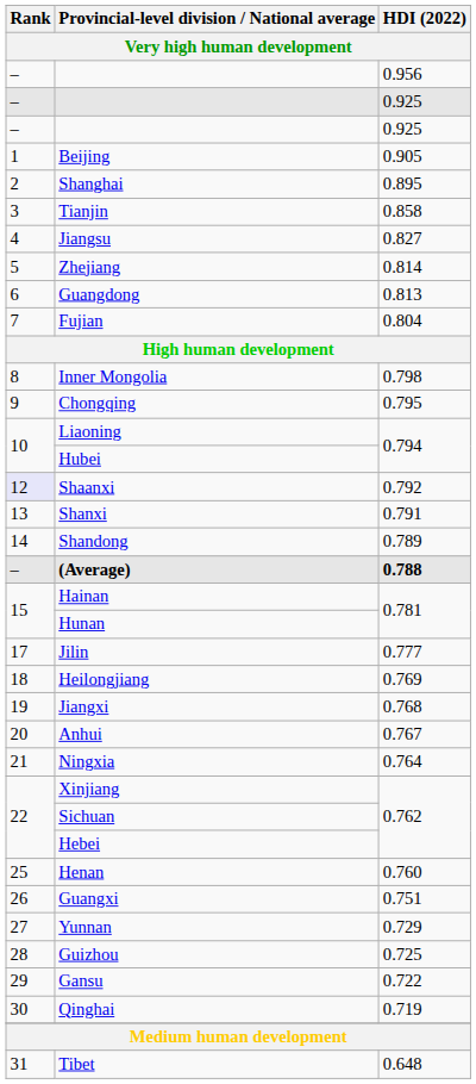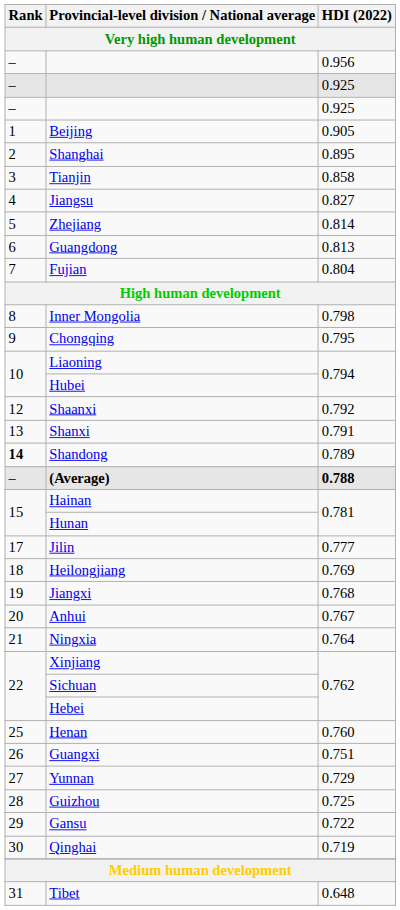 <table class="wikitable sortable" style="margin: 1ex auto 1ex auto">
 <tr>
 <th class="sort">Rank</th>
 <th class="sort">Provincial-level division / National average</th>
 <th class="sort">HDI (2022)</th>
 </tr>
 <tr>
 <th colspan="3" style="color:#090;">Very high human development</th>
 </tr>
 <tr>
 <td>–</td>
 <td><em></em></td>
 <td>0.956</td>
 </tr>
 <tr style="background:#e6e6e6">
 <td>–</td>
 <td><strong></strong></td>
 <td>0.925</td>
 </tr>
 <tr>
 <td>–</td>
 <td><em></em></td>
 <td>0.925</td>
 </tr>
 <tr>
 <td>1</td>
 <td><a href='#'>Beijing</a></td>
 <td>0.905</td>
 </tr>
 <tr>
 <td>2</td>
 <td><a href='#'>Shanghai</a></td>
 <td>0.895</td>
 </tr>
 <tr>
 <td>3</td>
 <td><a href='#'>Tianjin</a></td>
 <td>0.858</td>
 </tr>
 <tr>
 <td>4</td>
 <td><a href='#'>Jiangsu</a></td>
 <td>0.827</td>
 </tr>
 <tr>
 <td>5</td>
 <td><a href='#'>Zhejiang</a></td>
 <td>0.814</td>
 </tr>
 <tr>
 <td>6</td>
 <td><a href='#'>Guangdong</a></td>
 <td>0.813</td>
 </tr>
 <tr>
 <td>7</td>
 <td><a href='#'>Fujian</a></td>
 <td>0.804</td>
 </tr>
 <tr>
 <th colspan="3" style="color:#0c0;">High human development</th>
 </tr>
 <tr>
 <td>8</td>
 <td><a href='#'>Inner Mongolia</a></td>
 <td>0.798</td>
 </tr>
 <tr>
 <td>9</td>
 <td><a href='#'>Chongqing</a></td>
 <td>0.795</td>
 </tr>
 <tr>
 <td rowspan="2">10</td>
 <td><a href='#'>Liaoning</a></td>
 <td rowspan="2">0.794</td>
 </tr>
 <tr>
 <td><a href='#'>Hubei</a></td>
 </tr>
 <tr>
-<td style="background: lavender;">12</td>
+<td>12</td>
 <td><a href='#'>Shaanxi</a></td>
 <td>0.792</td>
 </tr>
 <tr>
 <td>13</td>
 <td><a href='#'>Shanxi</a></td>
 <td>0.791</td>
 </tr>
 <tr>
-<td>14</td>
+<td><strong>14</strong></td>
 <td><a href='#'>Shandong</a></td>
 <td>0.789</td>
 </tr>
 <tr style="background:#e6e6e6">
 <td>–</td>
 <td><strong> (Average)</strong></td>
 <td><strong>0.788</strong></td>
 </tr>
 <tr>
 <td rowspan="2">15</td>
 <td><a href='#'>Hainan</a></td>
 <td rowspan="2">0.781</td>
 </tr>
 <tr>
 <td><a href='#'>Hunan</a></td>
 </tr>
 <tr>
 <td>17</td>
 <td><a href='#'>Jilin</a></td>
 <td>0.777</td>
 </tr>
 <tr>
 <td>18</td>
 <td><a href='#'>Heilongjiang</a></td>
 <td>0.769</td>
 </tr>
 <tr>
 <td>19</td>
 <td><a href='#'>Jiangxi</a></td>
 <td>0.768</td>
 </tr>
 <tr>
 <td>20</td>
 <td><a href='#'>Anhui</a></td>
 <td>0.767</td>
 </tr>
 <tr>
 <td>21</td>
 <td><a href='#'>Ningxia</a></td>
 <td>0.764</td>
 </tr>
 <tr>
 <td rowspan="3">22</td>
 <td><a href='#'>Xinjiang</a></td>
 <td rowspan="3">0.762</td>
 </tr>
 <tr>
 <td><a href='#'>Sichuan</a></td>
 </tr>
 <tr>
 <td><a href='#'>Hebei</a></td>
 </tr>
 <tr>
 <td>25</td>
 <td><a href='#'>Henan</a></td>
 <td>0.760</td>
 </tr>
 <tr>
 <td>26</td>
 <td><a href='#'>Guangxi</a></td>
 <td>0.751</td>
 </tr>
 <tr>
 <td>27</td>
 <td><a href='#'>Yunnan</a></td>
 <td>0.729</td>
 </tr>
 <tr>
 <td>28</td>
 <td><a href='#'>Guizhou</a></td>
 <td>0.725</td>
 </tr>
 <tr>
 <td>29</td>
 <td><a href='#'>Gansu</a></td>
 <td>0.722</td>
 </tr>
 <tr>
 <td>30</td>
 <td><a href='#'>Qinghai</a></td>
 <td>0.719</td>
 </tr>
 <tr>
 </tr>
 <tr>
 <th colspan="3" style="color:#fc0;">Medium human development</th>
 </tr>
 <tr>
 <td>31</td>
 <td><a href='#'>Tibet</a></td>
 <td>0.648</td>
 </tr>
 </table>
